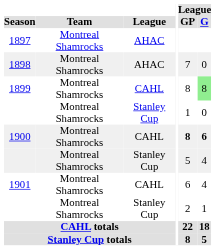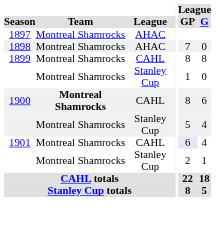 <table BORDER="0" CELLPADDING="0" CELLSPACING="0" width="35%">
 <tr bgcolor="#e0e0e0">
 <th colspan="3" bgcolor="#ffffff"> </th>
 <th rowspan="99" bgcolor="#ffffff"> </th>
 <th colspan="2">League</th>
 </tr>
 <tr bgcolor="#e0e0e0">
 <th>Season</th>
 <th>Team</th>
 <th>League</th>
 <th>GP</th>
 <th><a href='#'>G</a></th>
 </tr>
 <tr ALIGN="center">
 <td><a href='#'>1897</a></td>
 <td><a href='#'>Montreal Shamrocks</a></td>
 <td><a href='#'>AHAC</a></td>
 <td></td>
 <td></td>
 </tr>
 <tr ALIGN="center"  bgcolor="#f0f0f0">
 <td><a href='#'>1898</a></td>
 <td>Montreal Shamrocks</td>
 <td>AHAC</td>
 <td>7</td>
 <td>0</td>
 </tr>
 <tr ALIGN="center">
 <td><a href='#'>1899</a></td>
 <td>Montreal Shamrocks</td>
 <td><a href='#'>CAHL</a></td>
 <td>8</td>
-<td style="background: lightgreen;">8</td>
+<td>8</td>
 </tr>
 <tr ALIGN="center">
 <td></td>
 <td>Montreal Shamrocks</td>
 <td><a href='#'>Stanley Cup</a></td>
 <td>1</td>
 <td>0</td>
 </tr>
 <tr ALIGN="center" bgcolor="#f0f0f0">
 <td><a href='#'>1900</a></td>
-<td>Montreal Shamrocks</td>
+<td><strong>Montreal Shamrocks</strong></td>
 <td>CAHL</td>
-<td><strong>8</strong></td>
-<td><strong>6</strong></td>
+<td>8</td>
+<td>6</td>
 </tr>
 <tr ALIGN="center" bgcolor="#f0f0f0">
 <td></td>
 <td>Montreal Shamrocks</td>
 <td>Stanley Cup</td>
 <td>5</td>
 <td>4</td>
 </tr>
 <tr ALIGN="center">
 <td><a href='#'>1901</a></td>
 <td>Montreal Shamrocks</td>
 <td>CAHL</td>
-<td>6</td>
+<td style="background: lavender;">6</td>
 <td>4</td>
 </tr>
 <tr ALIGN="center">
 <td></td>
 <td>Montreal Shamrocks</td>
 <td>Stanley Cup</td>
 <td>2</td>
 <td>1</td>
 </tr>
 <tr bgcolor="#e0e0e0">
 <th colspan="3"><a href='#'>CAHL</a> totals</th>
 <th>22</th>
 <th>18</th>
 </tr>
 <tr bgcolor="#e0e0e0">
 <th colspan="3"><a href='#'>Stanley Cup</a> totals</th>
 <th>8</th>
 <th>5</th>
 </tr>
 </table>
